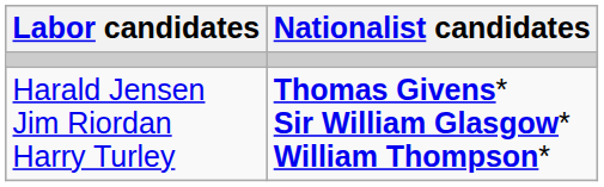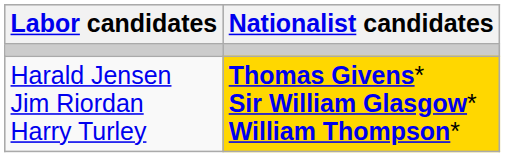 <table class="wikitable">
 <tr>
 <th><a href='#'>Labor</a> candidates</th>
 <th><a href='#'>Nationalist</a> candidates</th>
 </tr>
 <tr bgcolor="#cccccc">
 <td></td>
 <td></td>
 </tr>
 <tr>
 <td><a href='#'>Harald Jensen</a><br><a href='#'>Jim Riordan</a><br><a href='#'>Harry Turley</a></td>
-<td><strong><a href='#'>Thomas Givens</a></strong>*<br><strong><a href='#'>Sir William Glasgow</a></strong>*<br><strong><a href='#'>William Thompson</a></strong>*</td>
+<td style="background: gold;"><strong><a href='#'>Thomas Givens</a></strong>*<br><strong><a href='#'>Sir William Glasgow</a></strong>*<br><strong><a href='#'>William Thompson</a></strong>*</td>
 </tr>
 </table>
